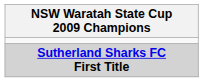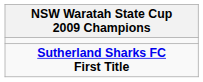 <table class="wikitable" style="text-align: center; margin: 0 auto; width: 20%">
 <tr>
 <th>NSW Waratah State Cup<br>2009 Champions</th>
 </tr>
 <tr>
 <td></td>
 </tr>
 <tr>
-<td style="background: lightgrey;"><strong><a href='#'>Sutherland Sharks FC</a></strong><br><strong>First Title</strong></td>
+<td><strong><a href='#'>Sutherland Sharks FC</a></strong><br><strong>First Title</strong></td>
 </tr>
 </table>
